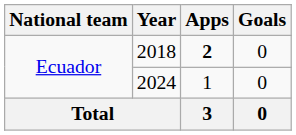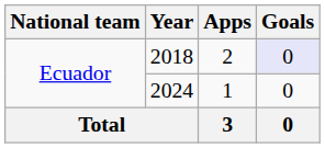 <table class="wikitable" style="text-align: center;">
 <tr>
 <th>National team</th>
 <th>Year</th>
 <th>Apps</th>
 <th>Goals</th>
 </tr>
 <tr>
 <td rowspan="2"><a href='#'>Ecuador</a></td>
 <td>2018</td>
-<td><strong>2</strong></td>
-<td>0</td>
+<td>2</td>
+<td style="background: lavender;">0</td>
 </tr>
 <tr>
 <td>2024</td>
 <td>1</td>
 <td>0</td>
 </tr>
 <tr>
 <th colspan="2">Total</th>
 <th>3</th>
 <th>0</th>
 </tr>
 </table>
